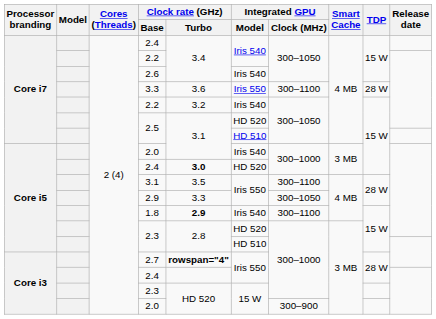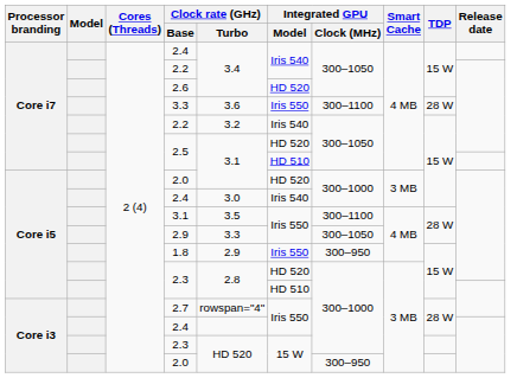 <table class="wikitable sortable nowrap" style="text-align: center;">
 <tr>
 <th class="unsortable" rowspan="2">Processor<br>branding</th>
 <th rowspan="2">Model</th>
 <th class="unsortable" rowspan="2"><a href='#'>Cores</a><br>(<a href='#'>Threads</a>)</th>
 <th colspan="2"><a href='#'>Clock rate</a> (GHz)</th>
 <th colspan="2">Integrated <a href='#'>GPU</a></th>
 <th class="unsortable" rowspan="2"><a href='#'>Smart<br>Cache</a></th>
 <th rowspan="2"><a href='#'>TDP</a></th>
 <th rowspan="2">Release<br>date</th>
 </tr>
 <tr>
 <th class="unsortable">Base</th>
 <th class="unsortable">Turbo</th>
 <th class="unsortable">Model</th>
 <th class="unsortable">Clock (MHz)</th>
 </tr>
 <tr>
 <th rowspan="7">Core i7</th>
 <th style="text-align:left;" data-sort-value="sku18"></th>
 <td rowspan="18">2 (4)</td>
 <td>2.4</td>
 <td rowspan="3">3.4</td>
 <td rowspan="2"><a href='#'>Iris 540</a></td>
 <td rowspan="3">300–1050</td>
 <td rowspan="7">4 MB</td>
 <td rowspan="3">15 W</td>
 <td></td>
 </tr>
 <tr>
 <th style="text-align:left;" data-sort-value="sku17"></th>
 <td>2.2</td>
 <td rowspan="5"></td>
 </tr>
 <tr>
 <th style="text-align:left;" data-sort-value="sku16"></th>
 <td>2.6</td>
-<td>Iris 540</td>
+<td><a href='#'>HD 520</a></td>
 </tr>
 <tr>
 <th style="text-align:left;" data-sort-value="sku15"></th>
 <td>3.3</td>
 <td>3.6</td>
 <td><a href='#'>Iris 550</a></td>
 <td>300–1100</td>
 <td>28 W</td>
 </tr>
 <tr>
 <th style="text-align:left;" data-sort-value="sku14"></th>
 <td>2.2</td>
 <td>3.2</td>
 <td>Iris 540</td>
 <td rowspan="3">300–1050</td>
 <td rowspan="5">15 W</td>
 </tr>
 <tr>
 <th style="text-align:left;" data-sort-value="sku13"></th>
 <td rowspan="2">2.5</td>
 <td rowspan="3">3.1</td>
 <td>HD 520</td>
 </tr>
 <tr>
 <th style="text-align:left;" data-sort-value="sku12"></th>
 <td><a href='#'>HD 510</a></td>
 <td></td>
 </tr>
 <tr>
 <th rowspan="7">Core i5</th>
 <th style="text-align:left;" data-sort-value="sku11"></th>
 <td>2.0</td>
-<td>Iris 540</td>
+<td>HD 520</td>
 <td rowspan="2">300–1000</td>
 <td rowspan="2">3 MB</td>
 <td rowspan="6"></td>
 </tr>
 <tr>
 <th style="text-align:left;" data-sort-value="sku10"></th>
 <td>2.4</td>
-<td><strong>3.0</strong></td>
-<td>HD 520</td>
+<td>3.0</td>
+<td>Iris 540</td>
 </tr>
 <tr>
 <th style="text-align:left;" data-sort-value="sku9"></th>
 <td>3.1</td>
 <td>3.5</td>
 <td rowspan="2">Iris 550</td>
 <td>300–1100</td>
 <td rowspan="3">4 MB</td>
 <td rowspan="2">28 W</td>
 </tr>
 <tr>
 <th style="text-align:left;" data-sort-value="sku8"></th>
 <td>2.9</td>
 <td>3.3</td>
 <td>300–1050</td>
 </tr>
 <tr>
 <th style="text-align:left;" data-sort-value="sku7"></th>
 <td>1.8</td>
-<td><strong>2.9</strong></td>
-<td>Iris 540</td>
-<td>300–1100</td>
+<td>2.9</td>
+<td><a href='#'>Iris 550</a></td>
+<td>300–950</td>
 <td rowspan="3">15 W</td>
 </tr>
 <tr>
 <th style="text-align:left;" data-sort-value="sku6"></th>
 <td rowspan="2">2.3</td>
 <td rowspan="2">2.8</td>
 <td>HD 520</td>
 <td rowspan="5">300–1000</td>
 <td rowspan="6">3 MB</td>
 </tr>
 <tr>
 <th style="text-align:left;" data-sort-value="sku5"></th>
 <td>HD 510</td>
 <td rowspan="2"></td>
 </tr>
 <tr>
 <th rowspan="4">Core i3</th>
 <th style="text-align:left;" data-sort-value="sku4"></th>
 <td>2.7</td>
-<td><strong>rowspan="4" </strong></td>
+<td>rowspan="4" </td>
 <td rowspan="2">Iris 550</td>
 <td rowspan="2">28 W</td>
 </tr>
 <tr>
 <th style="text-align:left;" data-sort-value="sku3"></th>
 <td>2.4</td>
 <td></td>
 </tr>
 <tr>
 <th style="text-align:left;" data-sort-value="sku2"></th>
 <td>2.3</td>
 <td rowspan="2">HD 520</td>
 <td rowspan="2">15 W</td>
 <td></td>
 </tr>
 <tr>
 <th style="text-align:left;" data-sort-value="sku1"></th>
 <td>2.0</td>
-<td>300–900</td>
+<td>300–950</td>
 <td></td>
 </tr>
 </table>
